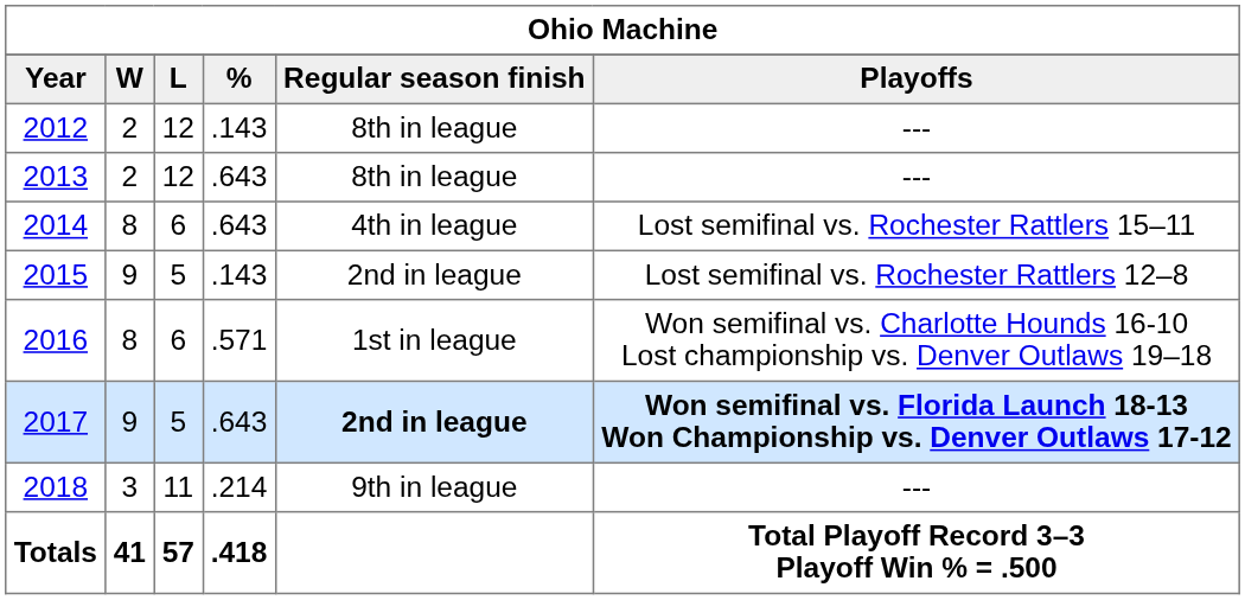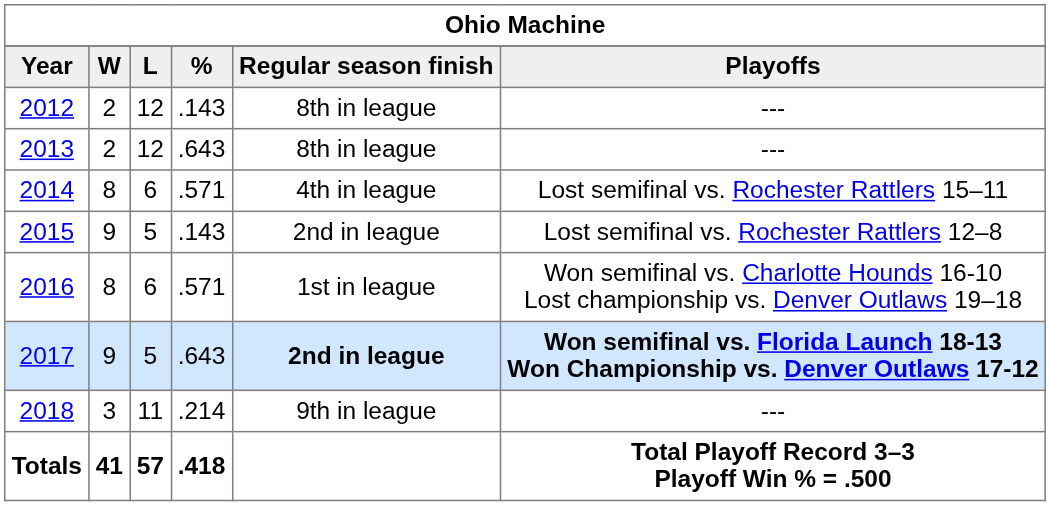 <table class="toccolours" border="1" cellpadding="4" cellspacing="2" style="border-collapse: collapse;">
 <tr>
 <td colspan="6" align="center"><strong>Ohio Machine</strong></td>
 </tr>
 <tr>
 </tr>
 <tr bgcolor="#efefef">
 <th>Year</th>
 <th>W</th>
 <th>L</th>
 <th>%</th>
 <th>Regular season finish</th>
 <th>Playoffs</th>
 </tr>
 <tr ALIGN=center>
 <td><a href='#'>2012</a></td>
 <td>2</td>
 <td>12</td>
 <td>.143</td>
 <td>8th in league</td>
 <td>---</td>
 </tr>
 <tr ALIGN=center>
 <td><a href='#'>2013</a></td>
 <td>2</td>
 <td>12</td>
 <td>.643</td>
 <td>8th in league</td>
 <td>---</td>
 </tr>
 <tr ALIGN=center>
 <td><a href='#'>2014</a></td>
 <td>8</td>
 <td>6</td>
-<td>.643</td>
+<td>.571</td>
 <td>4th in league</td>
 <td>Lost semifinal vs. <a href='#'>Rochester Rattlers</a> 15–11</td>
 </tr>
 <tr ALIGN=center>
 <td><a href='#'>2015</a></td>
 <td>9</td>
 <td>5</td>
 <td>.143</td>
 <td>2nd in league</td>
 <td>Lost semifinal vs. <a href='#'>Rochester Rattlers</a> 12–8</td>
 </tr>
 <tr ALIGN=center>
 <td><a href='#'>2016</a></td>
 <td>8</td>
 <td>6</td>
 <td>.571</td>
 <td>1st in league</td>
 <td>Won semifinal vs. <a href='#'>Charlotte Hounds</a> 16-10 <br> Lost championship vs. <a href='#'>Denver Outlaws</a> 19–18</td>
 </tr>
 <tr ALIGN=center style="background:#D0E7FF">
 <td><a href='#'>2017</a></td>
 <td>9</td>
 <td>5</td>
 <td>.643</td>
 <td><strong>2nd in league</strong></td>
 <td><strong>Won semifinal vs. <a href='#'>Florida Launch</a> 18-13 <br> Won Championship vs. <a href='#'>Denver Outlaws</a> 17-12</strong></td>
 </tr>
 <tr ALIGN=center>
 <td><a href='#'>2018</a></td>
 <td>3</td>
 <td>11</td>
 <td>.214</td>
 <td>9th in league</td>
 <td>---</td>
 </tr>
 <tr ALIGN=center>
 <td><strong>Totals</strong></td>
 <td><strong>41</strong></td>
 <td><strong>57</strong></td>
 <td><strong>.418</strong></td>
 <td></td>
 <td><strong>Total Playoff Record 3–3</strong> <br> <strong>Playoff Win % = .500</strong></td>
 </tr>
 </table>
